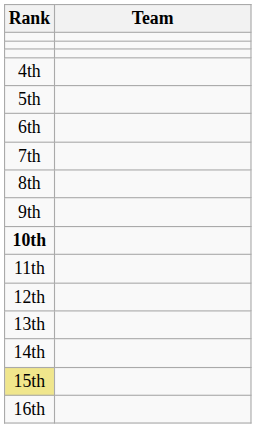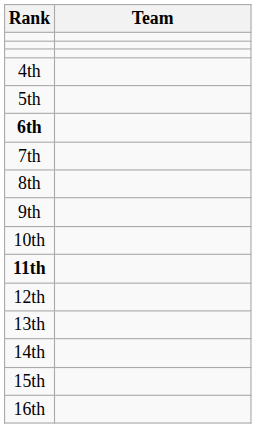 <table class=wikitable style="text-align:center;">
 <tr>
 <th>Rank</th>
 <th width=170>Team</th>
 </tr>
 <tr>
 <td></td>
 <td align=left></td>
 </tr>
 <tr>
 <td></td>
 <td align=left></td>
 </tr>
 <tr>
 <td></td>
 <td align=left></td>
 </tr>
 <tr>
 <td>4th</td>
 <td align=left></td>
 </tr>
 <tr>
 <td>5th</td>
 <td align=left></td>
 </tr>
 <tr>
-<td>6th</td>
+<td><strong>6th</strong></td>
 <td align=left></td>
 </tr>
 <tr>
 <td>7th</td>
 <td align=left></td>
 </tr>
 <tr>
 <td>8th</td>
 <td align=left></td>
 </tr>
 <tr>
 <td>9th</td>
 <td align=left></td>
 </tr>
 <tr>
-<td><strong>10th</strong></td>
+<td>10th</td>
 <td align=left></td>
 </tr>
 <tr>
-<td>11th</td>
+<td><strong>11th</strong></td>
 <td align=left></td>
 </tr>
 <tr>
 <td>12th</td>
 <td align=left></td>
 </tr>
 <tr>
 <td>13th</td>
 <td align=left></td>
 </tr>
 <tr>
 <td>14th</td>
 <td align=left></td>
 </tr>
 <tr>
-<td style="background: khaki;">15th</td>
+<td>15th</td>
 <td align=left></td>
 </tr>
 <tr>
 <td>16th</td>
 <td align=left></td>
 </tr>
 </table>
